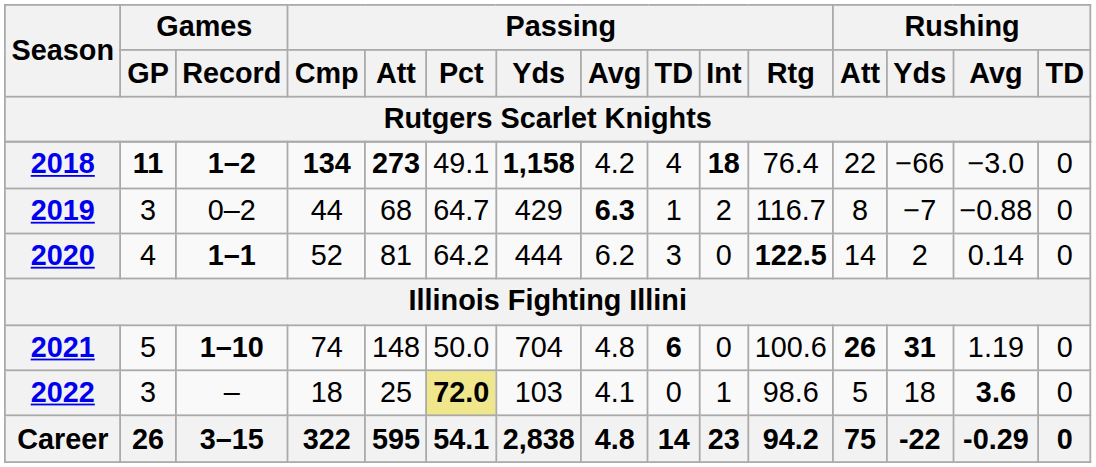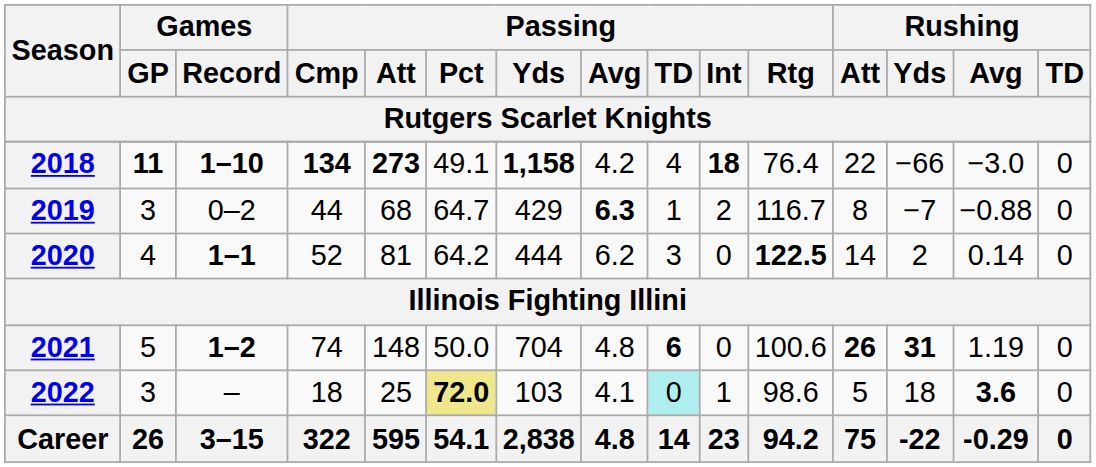 <table class="wikitable" style="text-align:center;">
 <tr>
 <th rowspan="2">Season</th>
 <th colspan="2">Games</th>
 <th colspan="8">Passing</th>
 <th colspan="4">Rushing</th>
 </tr>
 <tr>
 <th>GP</th>
 <th>Record</th>
 <th>Cmp</th>
 <th>Att</th>
 <th>Pct</th>
 <th>Yds</th>
 <th>Avg</th>
 <th>TD</th>
 <th>Int</th>
 <th>Rtg</th>
 <th>Att</th>
 <th>Yds</th>
 <th>Avg</th>
 <th>TD</th>
 </tr>
 <tr>
 <th colspan="16">Rutgers Scarlet Knights</th>
 </tr>
 <tr>
 </tr>
 <tr>
 <th><a href='#'>2018</a></th>
 <td><strong>11</strong></td>
-<td><strong>1–2</strong></td>
+<td><strong>1–10</strong></td>
 <td><strong>134</strong></td>
 <td><strong>273</strong></td>
 <td>49.1</td>
 <td><strong>1,158</strong></td>
 <td>4.2</td>
 <td>4</td>
 <td><strong>18</strong></td>
 <td>76.4</td>
 <td>22</td>
 <td>−66</td>
 <td>−3.0</td>
 <td>0</td>
 </tr>
 <tr>
 <th><a href='#'>2019</a></th>
 <td>3</td>
 <td>0–2</td>
 <td>44</td>
 <td>68</td>
 <td>64.7</td>
 <td>429</td>
 <td><strong>6.3</strong></td>
 <td>1</td>
 <td>2</td>
 <td>116.7</td>
 <td>8</td>
 <td>−7</td>
 <td>−0.88</td>
 <td>0</td>
 </tr>
 <tr>
 <th><a href='#'>2020</a></th>
 <td>4</td>
 <td><strong>1–1</strong></td>
 <td>52</td>
 <td>81</td>
 <td>64.2</td>
 <td>444</td>
 <td>6.2</td>
 <td>3</td>
 <td>0</td>
 <td><strong>122.5</strong></td>
 <td>14</td>
 <td>2</td>
 <td>0.14</td>
 <td>0</td>
 </tr>
 <tr>
 <th colspan="16">Illinois Fighting Illini</th>
 </tr>
 <tr>
 <th><a href='#'>2021</a></th>
 <td>5</td>
-<td><strong>1–10</strong></td>
+<td><strong>1–2</strong></td>
 <td>74</td>
 <td>148</td>
 <td>50.0</td>
 <td>704</td>
 <td>4.8</td>
 <td><strong>6</strong></td>
 <td>0</td>
 <td>100.6</td>
 <td><strong>26</strong></td>
 <td><strong>31</strong></td>
 <td>1.19</td>
 <td>0</td>
 </tr>
 <tr>
 <th><a href='#'>2022</a></th>
 <td>3</td>
 <td>–</td>
 <td>18</td>
 <td>25</td>
 <td style="background: khaki;"><strong>72.0</strong></td>
 <td>103</td>
 <td>4.1</td>
-<td>0</td>
+<td style="background: paleturquoise;">0</td>
 <td>1</td>
 <td>98.6</td>
 <td>5</td>
 <td>18</td>
 <td><strong>3.6</strong></td>
 <td>0</td>
 </tr>
 <tr>
 <th>Career</th>
 <th>26</th>
 <th>3–15</th>
 <th>322</th>
 <th>595</th>
 <th>54.1</th>
 <th>2,838</th>
 <th>4.8</th>
 <th>14</th>
 <th>23</th>
 <th>94.2</th>
 <th>75</th>
 <th>-22</th>
 <th>-0.29</th>
 <th>0</th>
 </tr>
 </table>
